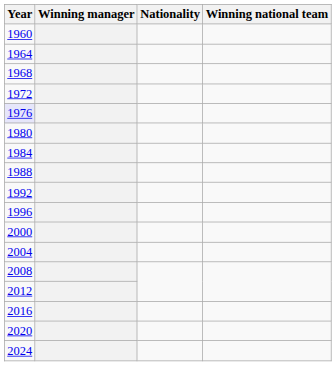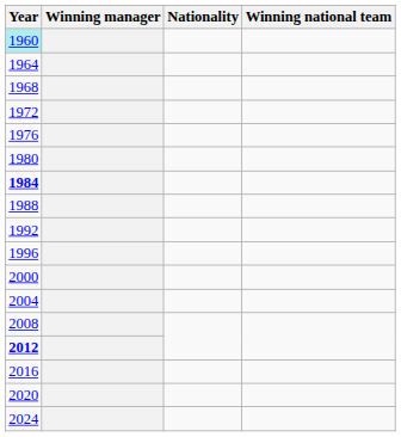 <table class="sortable wikitable plainrowheaders">
 <tr>
 <th scope="col">Year</th>
 <th scope="col">Winning manager</th>
 <th scope="col">Nationality</th>
 <th scope="col">Winning national team</th>
 </tr>
 <tr>
-<td style="text-align: center;"><a href='#'>1960</a></td>
+<td style="background: paleturquoise; text-align: center;"><a href='#'>1960</a></td>
 <th scope="row"></th>
 <td></td>
 <td></td>
 </tr>
 <tr>
 <td style="text-align: center;"><a href='#'>1964</a></td>
 <th scope="row"></th>
 <td></td>
 <td></td>
 </tr>
 <tr>
 <td style="text-align: center;"><a href='#'>1968</a></td>
 <th scope="row"></th>
 <td></td>
 <td></td>
 </tr>
 <tr>
 <td style="text-align: center;"><a href='#'>1972</a></td>
 <th scope="row"></th>
 <td></td>
 <td></td>
 </tr>
 <tr>
-<td style="background: lavender; text-align: center;"><a href='#'>1976</a></td>
+<td style="text-align: center;"><a href='#'>1976</a></td>
 <th scope="row"></th>
 <td></td>
 <td></td>
 </tr>
 <tr>
 <td style="text-align: center;"><a href='#'>1980</a></td>
 <th scope="row"></th>
 <td></td>
 <td></td>
 </tr>
 <tr>
-<td style="text-align: center;"><a href='#'>1984</a></td>
+<td style="text-align: center;"><strong><a href='#'>1984</a></strong></td>
 <th scope="row"></th>
 <td></td>
 <td></td>
 </tr>
 <tr>
 <td style="text-align: center;"><a href='#'>1988</a></td>
 <th scope="row"></th>
 <td></td>
 <td></td>
 </tr>
 <tr>
 <td style="text-align: center;"><a href='#'>1992</a></td>
 <th scope="row"></th>
 <td></td>
 <td></td>
 </tr>
 <tr>
 <td style="text-align: center;"><a href='#'>1996</a></td>
 <th scope="row"></th>
 <td></td>
 <td></td>
 </tr>
 <tr>
 <td style="text-align: center;"><a href='#'>2000</a></td>
 <th scope="row"></th>
 <td></td>
 <td></td>
 </tr>
 <tr>
 <td style="text-align: center;"><a href='#'>2004</a></td>
 <th scope="row"></th>
 <td></td>
 <td></td>
 </tr>
 <tr>
 <td style="text-align: center;"><a href='#'>2008</a></td>
 <th scope="row"></th>
 <td rowspan="2"></td>
 <td rowspan="2"></td>
 </tr>
 <tr>
-<td style="text-align: center;"><a href='#'>2012</a></td>
+<td style="text-align: center;"><strong><a href='#'>2012</a></strong></td>
 <th scope="row"></th>
 </tr>
 <tr>
 <td style="text-align: center;"><a href='#'>2016</a></td>
 <th scope="row"></th>
 <td></td>
 <td></td>
 </tr>
 <tr>
 <td style="text-align: center;"><a href='#'>2020</a></td>
 <th scope="row"></th>
 <td></td>
 <td></td>
 </tr>
 <tr>
 <td style="text-align: center;"><a href='#'>2024</a></td>
 <th scope="row"></th>
 <td></td>
 <td></td>
 </tr>
 </table>
